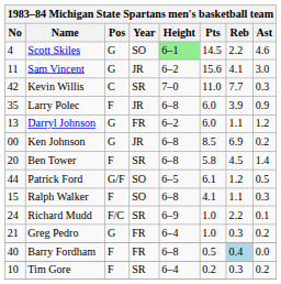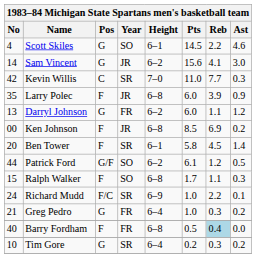 <table class="wikitable sortable" style="font-size: 90%" |->
 <tr>
 <th colspan=9 style=>1983–84 Michigan State Spartans men's basketball team</th>
 </tr>
 <tr>
 <th style="background:#">No</th>
 <th style="background:#">Name</th>
 <th style="background:#">Pos</th>
 <th style="background:#">Year</th>
 <th style="background:#">Height</th>
 <th style="background:#">Pts</th>
 <th style="background:#">Reb</th>
 <th style="background:#">Ast</th>
 </tr>
 <tr>
 <td>4</td>
 <td><a href='#'>Scott Skiles</a></td>
 <td>G</td>
 <td>SO</td>
-<td style="background: lightgreen;">6–1</td>
+<td>6–1</td>
 <td>14.5</td>
 <td>2.2</td>
 <td>4.6</td>
 </tr>
 <tr>
-<td>11</td>
+<td>14</td>
 <td><a href='#'>Sam Vincent</a></td>
 <td>G</td>
 <td>JR</td>
 <td>6–2</td>
 <td>15.6</td>
 <td>4.1</td>
 <td>3.0</td>
 </tr>
 <tr>
 <td>42</td>
 <td>Kevin Willis</td>
 <td>C</td>
 <td>SR</td>
 <td>7–0</td>
 <td>11.0</td>
 <td>7.7</td>
 <td>0.3</td>
 </tr>
 <tr>
 <td>35</td>
 <td>Larry Polec</td>
 <td>F</td>
 <td>JR</td>
 <td>6–8</td>
 <td>6.0</td>
 <td>3.9</td>
 <td>0.9</td>
 </tr>
 <tr>
 <td>13</td>
 <td><a href='#'>Darryl Johnson</a></td>
 <td>G</td>
 <td>FR</td>
 <td>6–2</td>
 <td>6.0</td>
 <td>1.1</td>
 <td>1.2</td>
 </tr>
 <tr>
 <td>00</td>
 <td>Ken Johnson</td>
-<td>G</td>
+<td>F</td>
 <td>JR</td>
 <td>6–8</td>
 <td>8.5</td>
 <td>6.9</td>
 <td>0.2</td>
 </tr>
 <tr>
 <td>20</td>
 <td>Ben Tower</td>
 <td>F</td>
 <td>SR</td>
-<td>6–8</td>
+<td>6–1</td>
 <td>5.8</td>
 <td>4.5</td>
 <td>1.4</td>
 </tr>
 <tr>
 <td>44</td>
 <td>Patrick Ford</td>
 <td>G/F</td>
 <td>SO</td>
-<td>6–5</td>
+<td>6–2</td>
 <td>6.1</td>
 <td>1.2</td>
 <td>0.5</td>
 </tr>
 <tr>
 <td>15</td>
 <td>Ralph Walker</td>
 <td>F</td>
 <td>SO</td>
 <td>6–8</td>
-<td>4.1</td>
+<td>1.7</td>
 <td>1.1</td>
 <td>0.3</td>
 </tr>
 <tr>
 <td>24</td>
 <td>Richard Mudd</td>
 <td>F/C</td>
 <td>SR</td>
 <td>6–9</td>
 <td>1.0</td>
 <td>2.2</td>
 <td>0.1</td>
 </tr>
 <tr>
 <td>21</td>
 <td>Greg Pedro</td>
 <td>G</td>
 <td>FR</td>
 <td>6–4</td>
 <td>1.0</td>
 <td>0.3</td>
 <td>0.2</td>
 </tr>
 <tr>
 </tr>
 <tr>
 <td>40</td>
 <td>Barry Fordham</td>
 <td>F</td>
 <td>FR</td>
 <td>6–8</td>
 <td>0.5</td>
 <td style="background: lightblue;">0.4</td>
 <td>0.0</td>
 </tr>
 <tr>
 </tr>
 <tr>
 <td>10</td>
 <td>Tim Gore</td>
-<td>F</td>
+<td>G</td>
 <td>SR</td>
 <td>6–4</td>
 <td>0.2</td>
 <td>0.3</td>
 <td>0.2</td>
 </tr>
 <tr>
 </tr>
 </table>
